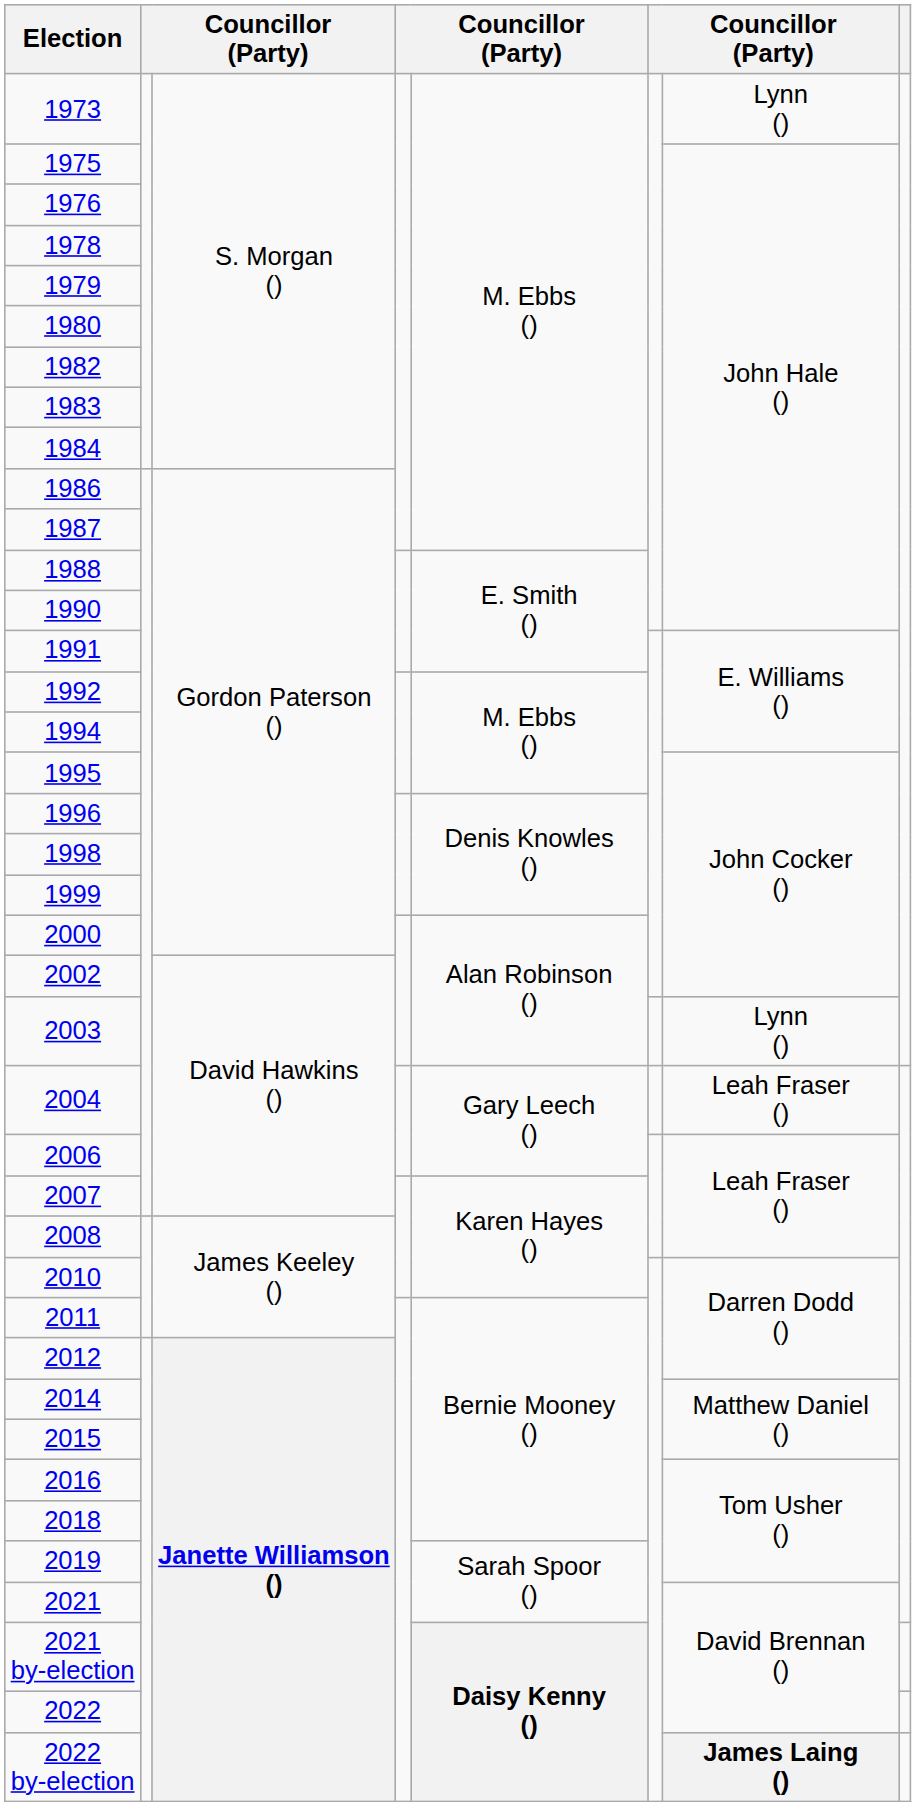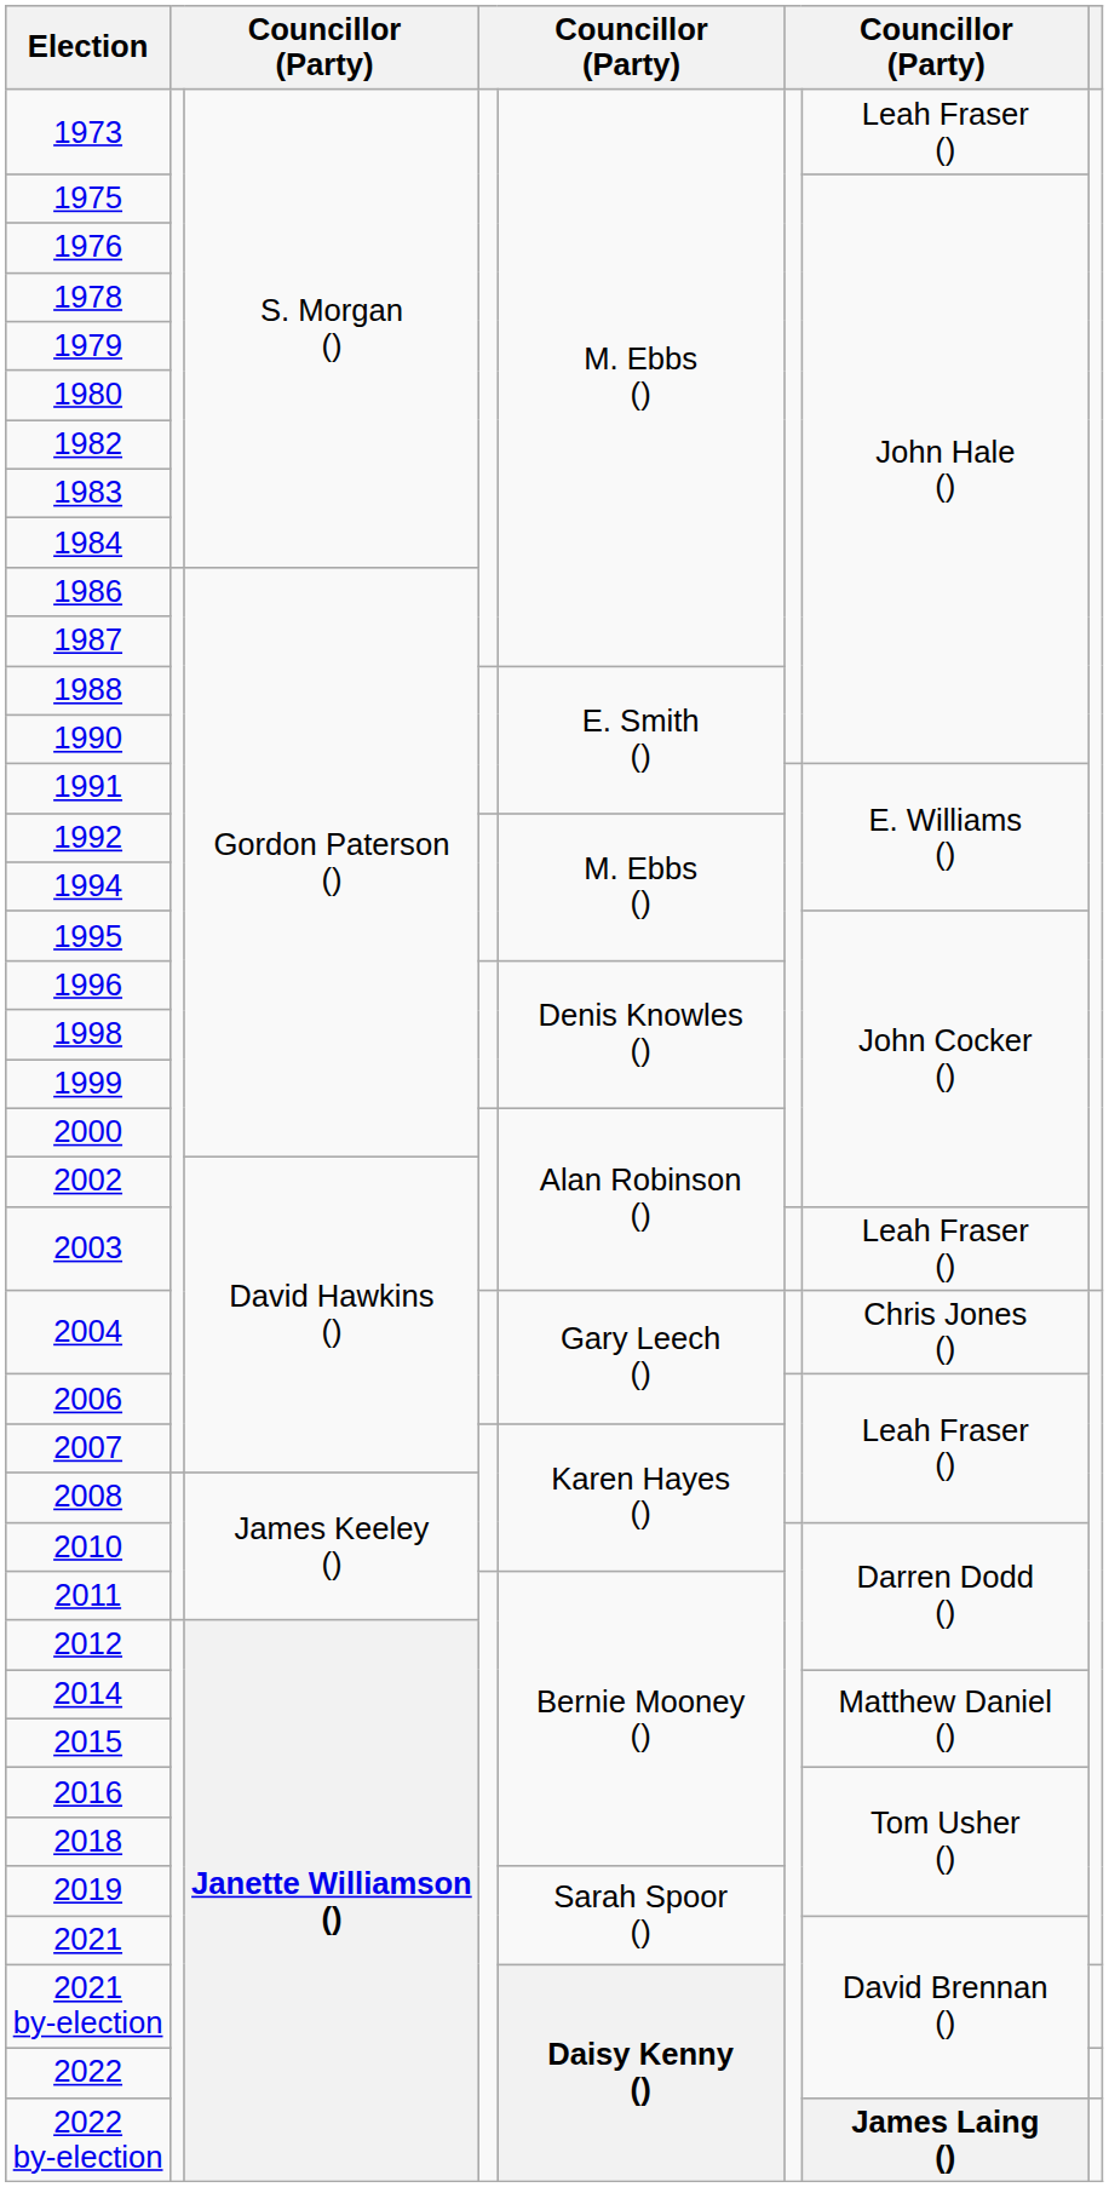 <table class="wikitable" style="text-align:center">
 <tr>
 <th>Election</th>
 <th scope="col" width="150" colspan = "2">Councillor<br> (Party)</th>
 <th scope="col" width="150" colspan = "2">Councillor<br> (Party)</th>
 <th scope="col" width="150" colspan = "2">Councillor<br> (Party)</th>
 <th></th>
 </tr>
 <tr>
 <td><a href='#'>1973</a></td>
 <td rowspan=9 style="background-color: "></td>
 <td rowspan=9>S. Morgan<br>(<a href='#'></a>)</td>
 <td rowspan=11 style="background-color: "></td>
 <td rowspan=11>M. Ebbs<br>(<a href='#'></a>)</td>
 <td rowspan=13 style="background-color: "></td>
-<td>Lynn<br>(<a href='#'></a>)</td>
+<td>Leah Fraser<br>(<a href='#'></a>)</td>
 <td rowspan=23></td>
 </tr>
 <tr>
 <td><a href='#'>1975</a></td>
 <td rowspan=12>John Hale<br>(<a href='#'></a>)</td>
 </tr>
 <tr>
 <td><a href='#'>1976</a></td>
 </tr>
 <tr>
 <td><a href='#'>1978</a></td>
 </tr>
 <tr>
 <td><a href='#'>1979</a></td>
 </tr>
 <tr>
 <td><a href='#'>1980</a></td>
 </tr>
 <tr>
 <td><a href='#'>1982</a></td>
 </tr>
 <tr>
 <td><a href='#'>1983</a></td>
 </tr>
 <tr>
 <td><a href='#'>1984</a></td>
 </tr>
 <tr>
 <td><a href='#'>1986</a></td>
 <td rowspan=17 style="background-color: "></td>
 <td rowspan=12>Gordon Paterson<br>(<a href='#'></a>)</td>
 </tr>
 <tr>
 <td><a href='#'>1987</a></td>
 </tr>
 <tr>
 <td><a href='#'>1988</a></td>
 <td rowspan=3 style="background-color: "></td>
 <td rowspan=3>E. Smith<br>(<a href='#'></a>)</td>
 </tr>
 <tr>
 <td><a href='#'>1990</a></td>
 </tr>
 <tr>
 <td><a href='#'>1991</a></td>
 <td rowspan=9 style="background-color: "></td>
 <td rowspan=3>E. Williams<br>(<a href='#'></a>)</td>
 </tr>
 <tr>
 <td><a href='#'>1992</a></td>
 <td rowspan=3 style="background-color: "></td>
 <td rowspan=3>M. Ebbs<br>(<a href='#'></a>)</td>
 </tr>
 <tr>
 <td><a href='#'>1994</a></td>
 </tr>
 <tr>
 <td><a href='#'>1995</a></td>
 <td rowspan=6>John Cocker<br>(<a href='#'></a>)</td>
 </tr>
 <tr>
 <td><a href='#'>1996</a></td>
 <td rowspan=3 style="background-color: "></td>
 <td rowspan=3>Denis Knowles<br>(<a href='#'></a>)</td>
 </tr>
 <tr>
 <td><a href='#'>1998</a></td>
 </tr>
 <tr>
 <td><a href='#'>1999</a></td>
 </tr>
 <tr>
 <td><a href='#'>2000</a></td>
 <td rowspan=3 style="background-color: "></td>
 <td rowspan=3>Alan Robinson<br>(<a href='#'></a>)</td>
 </tr>
 <tr>
 <td><a href='#'>2002</a></td>
 <td rowspan=5>David Hawkins<br>(<a href='#'></a>)</td>
 </tr>
 <tr>
 <td><a href='#'>2003</a></td>
 <td style="background-color: "></td>
-<td>Lynn<br>(<a href='#'></a>)</td>
+<td>Leah Fraser<br>(<a href='#'></a>)</td>
 </tr>
 <tr>
 <td><a href='#'>2004</a></td>
 <td rowspan=2 style="background-color: "></td>
 <td rowspan=2>Gary Leech<br>(<a href='#'></a>)</td>
 <td style="background-color: "></td>
-<td>Leah Fraser<br>(<a href='#'></a>)</td>
+<td>Chris Jones<br>(<a href='#'></a>)</td>
 <td rowspan=13></td>
 </tr>
 <tr>
 <td><a href='#'>2006</a></td>
 <td rowspan=3 style="background-color: "></td>
 <td rowspan=3>Leah Fraser<br>(<a href='#'></a>)</td>
 </tr>
 <tr>
 <td><a href='#'>2007</a></td>
 <td rowspan=3 style="background-color: "></td>
 <td rowspan=3>Karen Hayes<br>(<a href='#'></a>)</td>
 </tr>
 <tr>
 <td><a href='#'>2008</a></td>
 <td rowspan=3 style="background-color: "></td>
 <td rowspan=3>James Keeley<br>(<a href='#'></a>)</td>
 </tr>
 <tr>
 <td><a href='#'>2010</a></td>
 <td rowspan=12 style="background-color: "></td>
 <td rowspan=3>Darren Dodd<br>(<a href='#'></a>)</td>
 </tr>
 <tr>
 <td><a href='#'>2011</a></td>
 <td rowspan=11 style="background-color: "></td>
 <td rowspan=6>Bernie Mooney<br>(<a href='#'></a>)</td>
 </tr>
 <tr>
 <td><a href='#'>2012</a></td>
 <td rowspan=10 style="background-color: "></td>
 <th rowspan=10><a href='#'>Janette Williamson</a><br>(<a href='#'></a>)</th>
 </tr>
 <tr>
 <td><a href='#'>2014</a></td>
 <td rowspan=2>Matthew Daniel<br>(<a href='#'></a>)</td>
 </tr>
 <tr>
 <td><a href='#'>2015</a></td>
 </tr>
 <tr>
 <td><a href='#'>2016</a></td>
 <td rowspan=3>Tom Usher<br>(<a href='#'></a>)</td>
 </tr>
 <tr>
 <td><a href='#'>2018</a></td>
 </tr>
 <tr>
 <td><a href='#'>2019</a></td>
 <td rowspan=2>Sarah Spoor<br>(<a href='#'></a>)</td>
 </tr>
 <tr>
 <td><a href='#'>2021</a></td>
 <td rowspan=3>David Brennan<br>(<a href='#'></a>)</td>
 </tr>
 <tr>
 <td><a href='#'>2021<br>by-election</a></td>
 <th rowspan=3>Daisy Kenny<br>(<a href='#'></a>)</th>
 <td></td>
 </tr>
 <tr>
 <td><a href='#'>2022</a></td>
 <td align=center></td>
 </tr>
 <tr>
 <td><a href='#'>2022<br>by-election</a></td>
 <th>James Laing<br>(<a href='#'></a>)</th>
 <td></td>
 </tr>
 <tr>
 </tr>
 </table>
